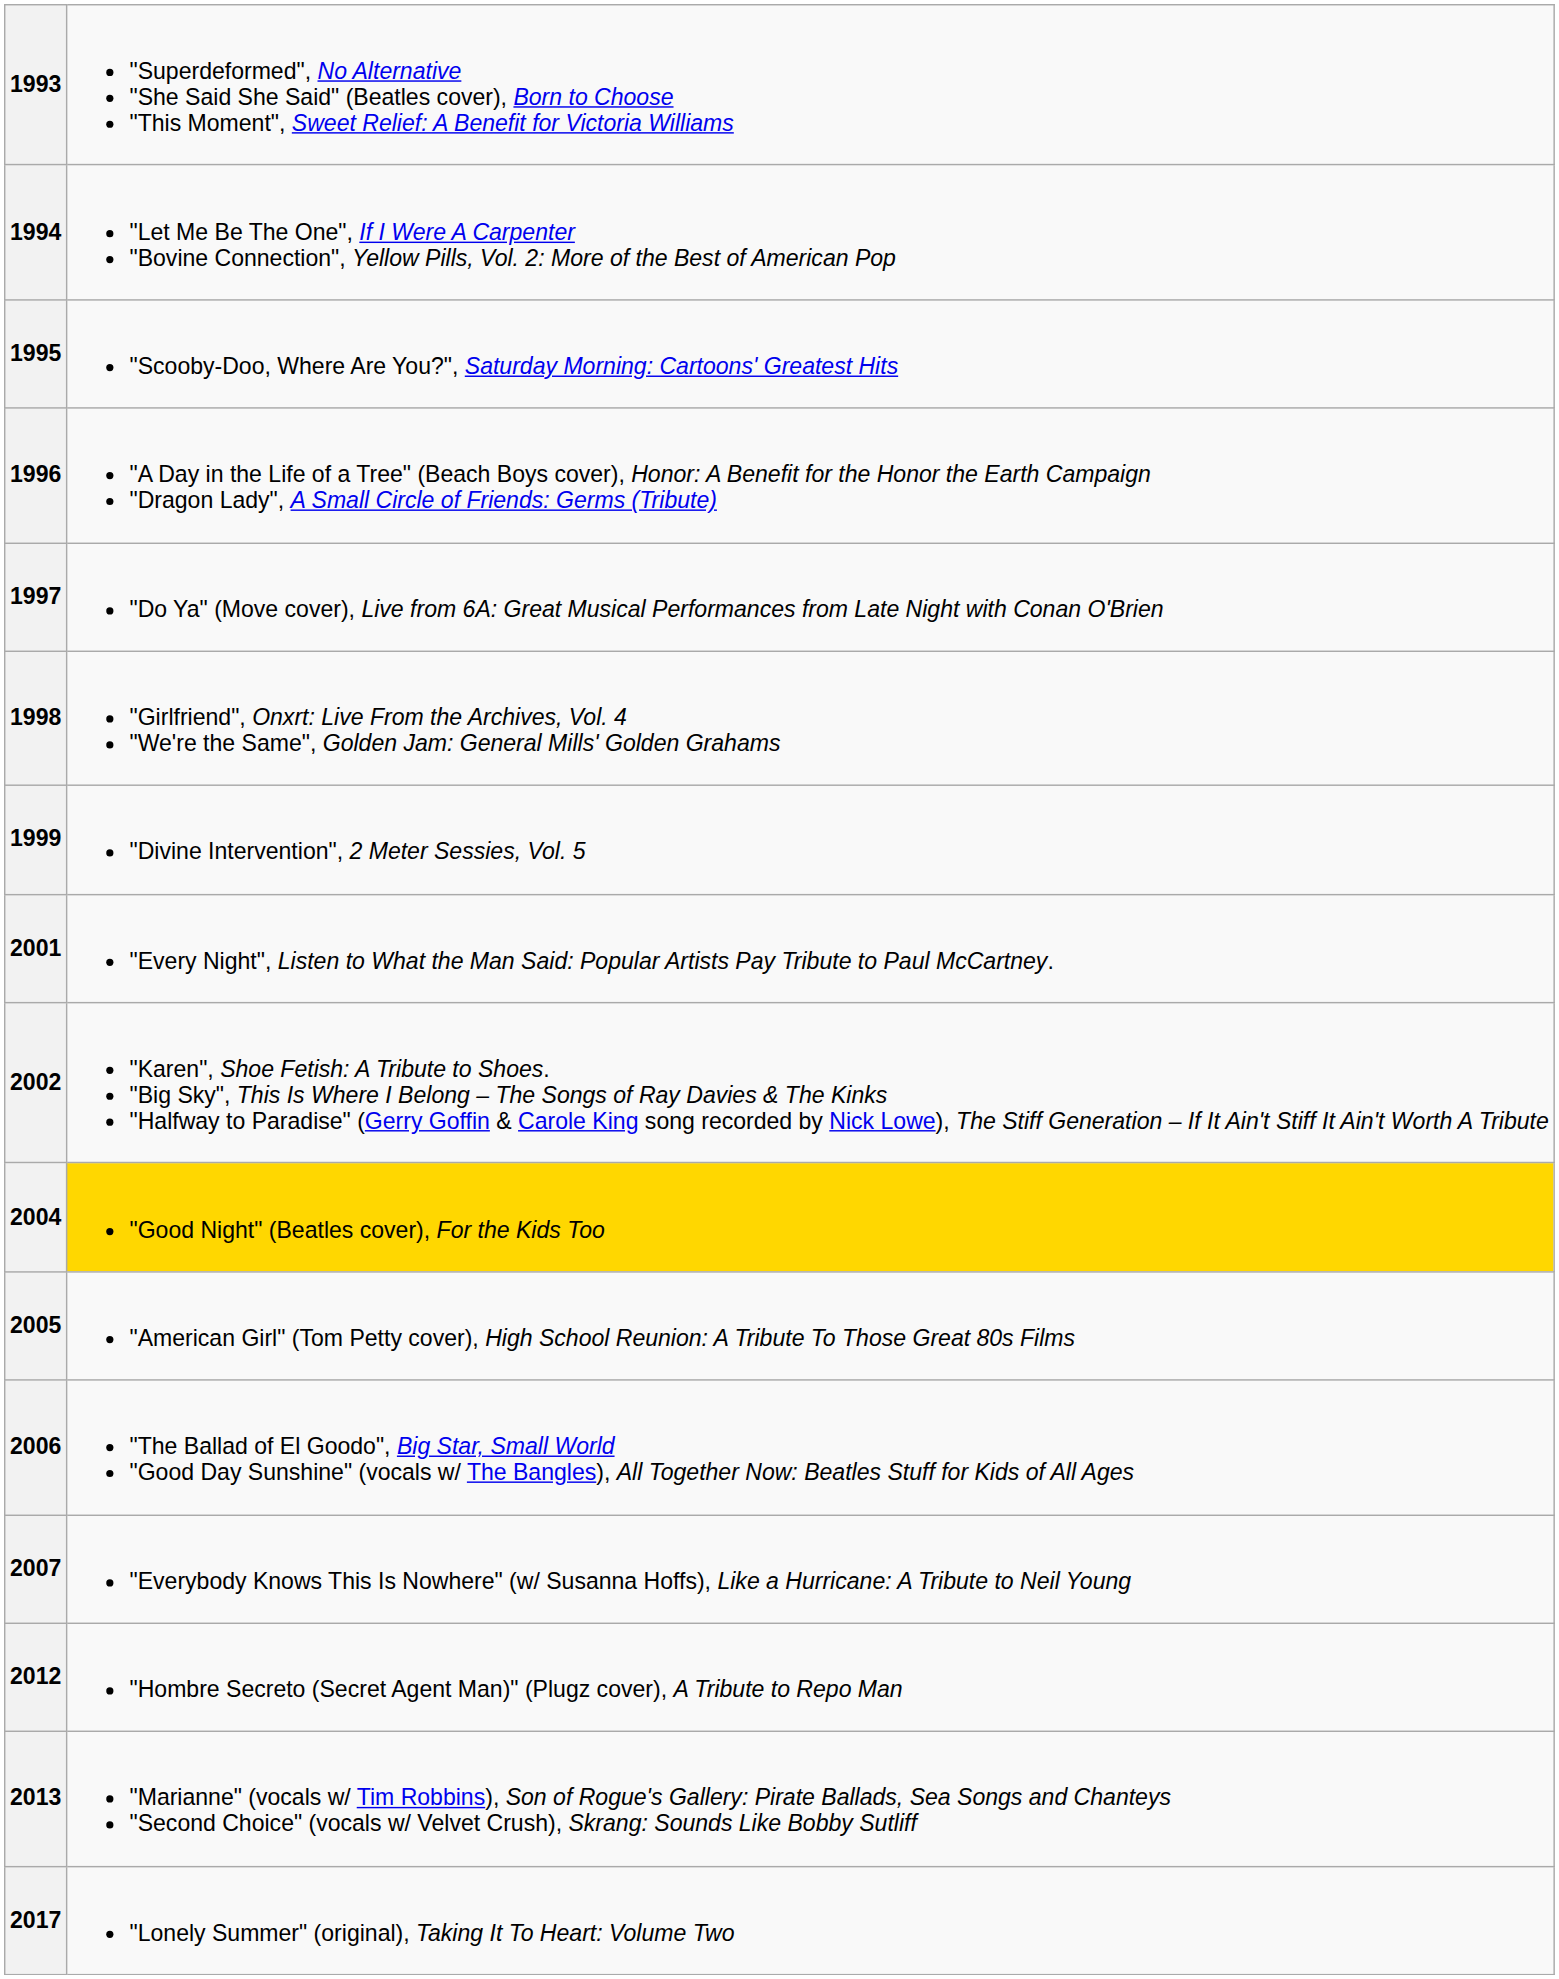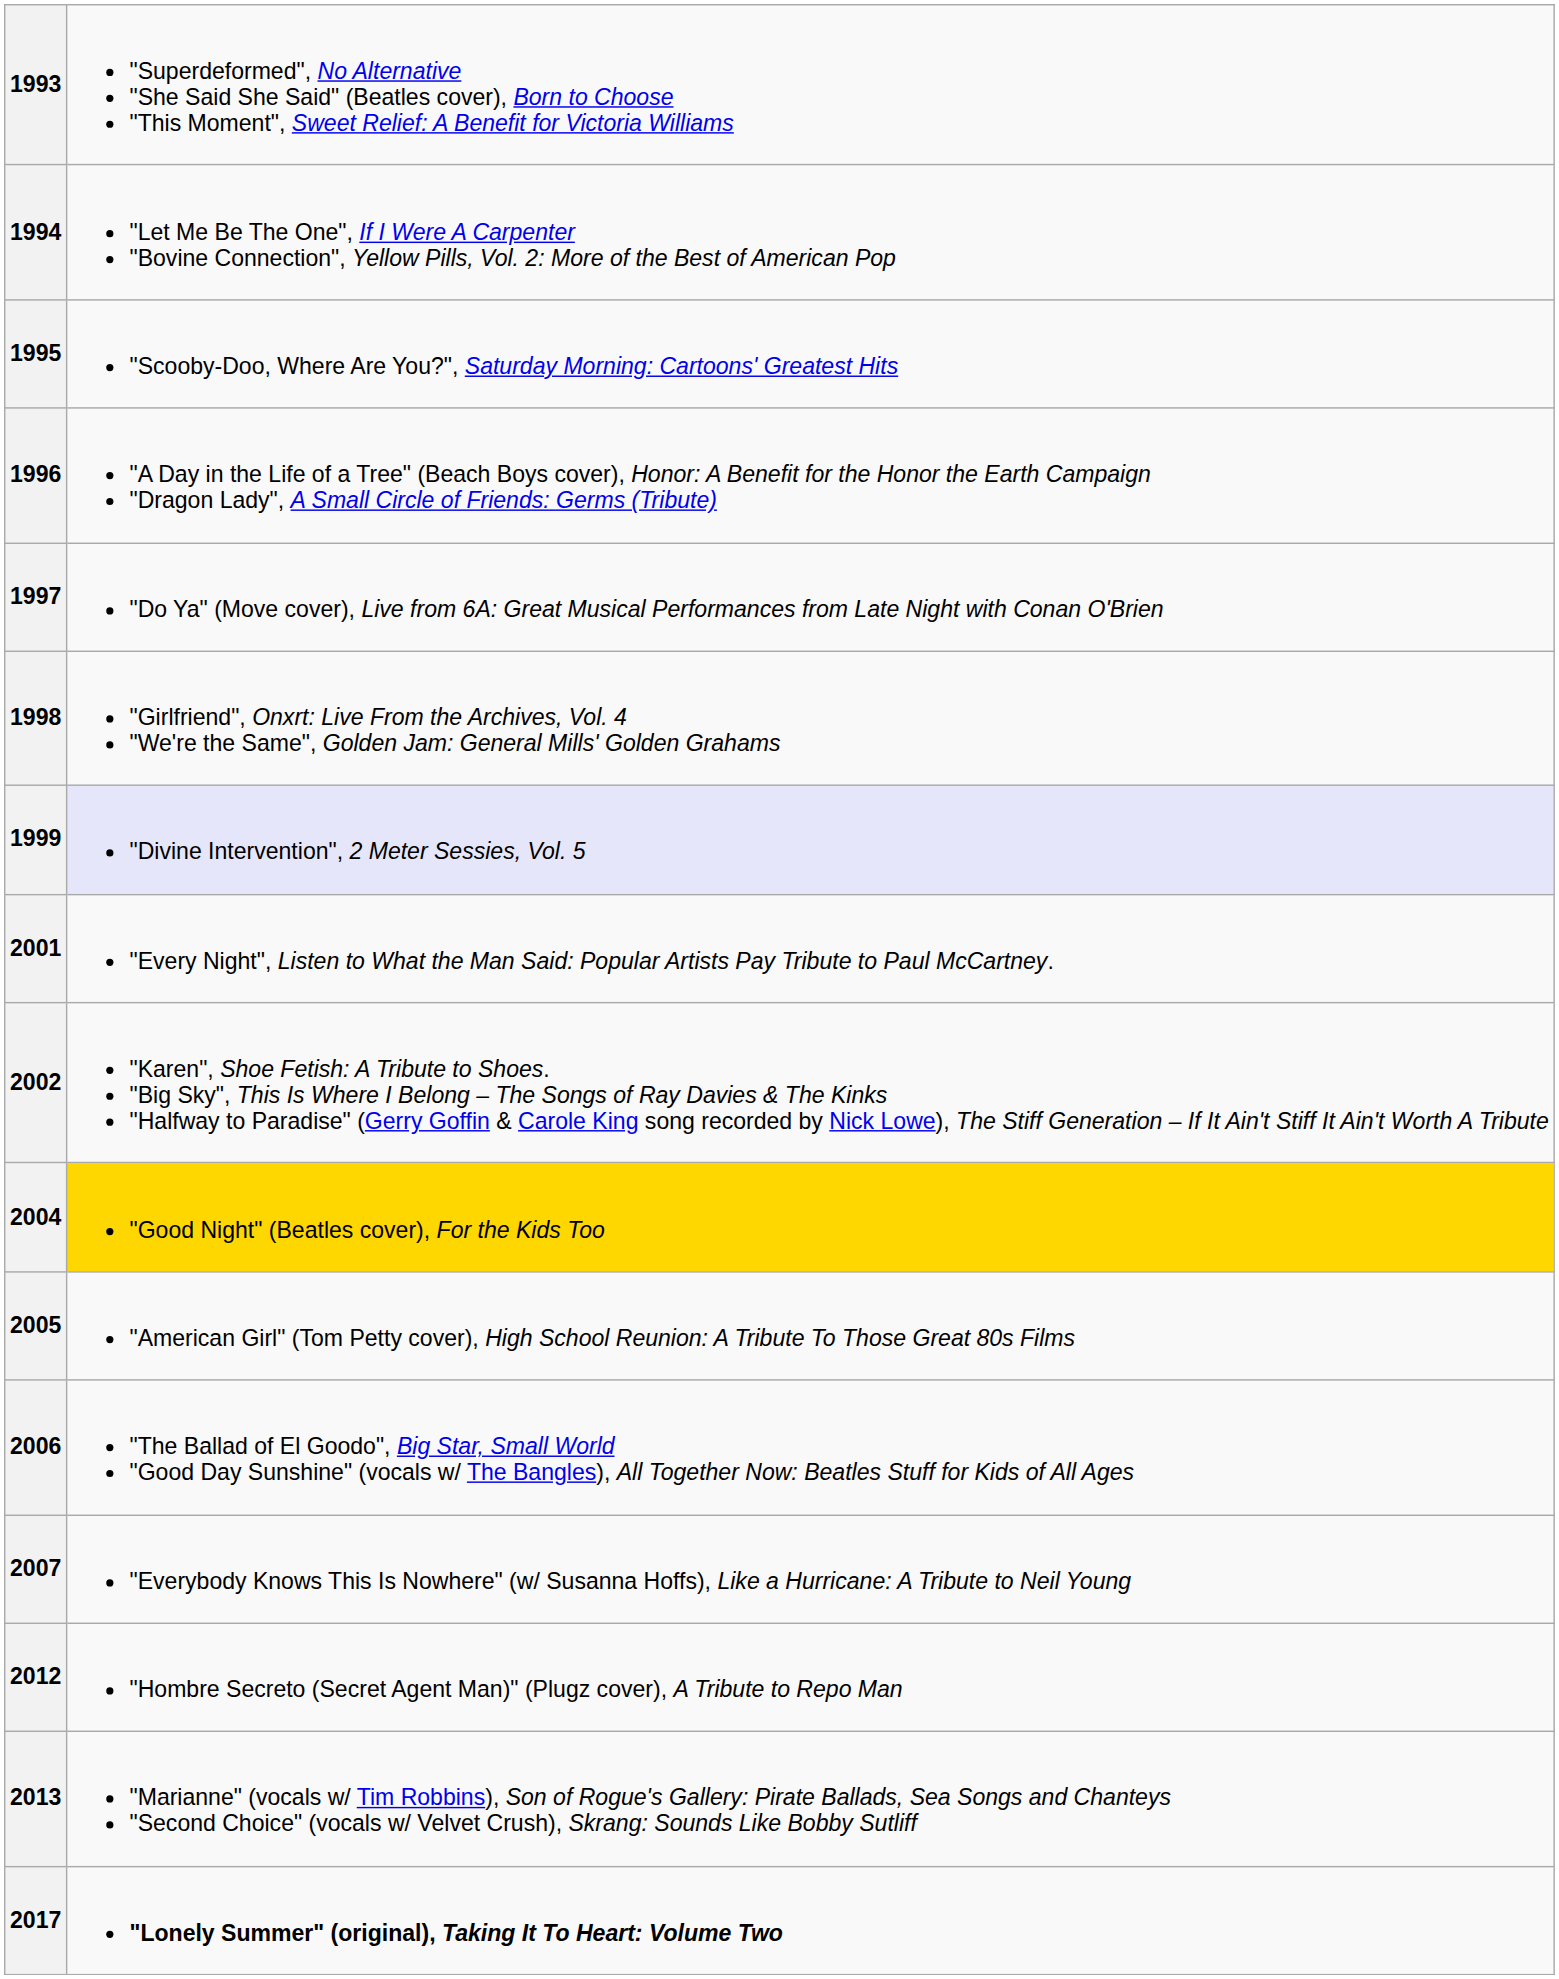 <table class="wikitable">
 <tr>
 <th>1993</th>
 <td><br><ul><li>"Superdeformed", <em><a href='#'>No Alternative</a></em></li><li>"She Said She Said" (Beatles cover), <em><a href='#'>Born to Choose</a></em></li><li>"This Moment", <em><a href='#'>Sweet Relief: A Benefit for Victoria Williams</a></em></li></ul></td>
 </tr>
 <tr>
 <th>1994</th>
 <td><br><ul><li>"Let Me Be The One", <em><a href='#'>If I Were A Carpenter</a></em></li><li>"Bovine Connection", <em>Yellow Pills, Vol. 2: More of the Best of American Pop</em></li></ul></td>
 </tr>
 <tr>
 <th>1995</th>
 <td><br><ul><li>"Scooby-Doo, Where Are You?", <em><a href='#'>Saturday Morning: Cartoons' Greatest Hits</a></em></li></ul></td>
 </tr>
 <tr>
 <th>1996</th>
 <td><br><ul><li>"A Day in the Life of a Tree" (Beach Boys cover), <em>Honor: A Benefit for the Honor the Earth Campaign</em></li><li>"Dragon Lady", <em><a href='#'>A Small Circle of Friends: Germs (Tribute)</a></em></li></ul></td>
 </tr>
 <tr>
 <th>1997</th>
 <td><br><ul><li>"Do Ya" (Move cover), <em>Live from 6A: Great Musical Performances from Late Night with Conan O'Brien</em></li></ul></td>
 </tr>
 <tr>
 <th>1998</th>
 <td><br><ul><li>"Girlfriend", <em>Onxrt: Live From the Archives, Vol. 4</em></li><li>"We're the Same", <em>Golden Jam: General Mills' Golden Grahams</em></li></ul></td>
 </tr>
 <tr>
 <th>1999</th>
-<td><br><ul><li>"Divine Intervention", <em>2 Meter Sessies, Vol. 5</em></li></ul></td>
+<td style="background: lavender;"><br><ul><li>"Divine Intervention", <em>2 Meter Sessies, Vol. 5</em></li></ul></td>
 </tr>
 <tr>
 <th>2001</th>
 <td><br><ul><li>"Every Night", <em>Listen to What the Man Said: Popular Artists Pay Tribute to Paul McCartney</em>.</li></ul></td>
 </tr>
 <tr>
 <th>2002</th>
 <td><br><ul><li>"Karen", <em>Shoe Fetish: A Tribute to Shoes</em>.</li><li>"Big Sky", <em>This Is Where I Belong – The Songs of Ray Davies & The Kinks</em></li><li>"Halfway to Paradise" (<a href='#'>Gerry Goffin</a> & <a href='#'>Carole King</a> song recorded by <a href='#'>Nick Lowe</a>), <em>The Stiff Generation – If It Ain't Stiff It Ain't Worth A Tribute</em></li></ul></td>
 </tr>
 <tr>
 <th>2004</th>
 <td style="background: gold;"><br><ul><li>"Good Night" (Beatles cover), <em>For the Kids Too</em></li></ul></td>
 </tr>
 <tr>
 <th>2005</th>
 <td><br><ul><li>"American Girl" (Tom Petty cover), <em>High School Reunion: A Tribute To Those Great 80s Films</em></li></ul></td>
 </tr>
 <tr>
 <th>2006</th>
 <td><br><ul><li>"The Ballad of El Goodo", <em><a href='#'>Big Star, Small World</a></em></li><li>"Good Day Sunshine" (vocals w/ <a href='#'>The Bangles</a>), <em>All Together Now: Beatles Stuff for Kids of All Ages</em></li></ul></td>
 </tr>
 <tr>
 <th>2007</th>
 <td><br><ul><li>"Everybody Knows This Is Nowhere" (w/ Susanna Hoffs), <em>Like a Hurricane: A Tribute to Neil Young</em></li></ul></td>
 </tr>
 <tr>
 <th>2012</th>
 <td><br><ul><li>"Hombre Secreto (Secret Agent Man)" (Plugz cover), <em>A Tribute to Repo Man</em></li></ul></td>
 </tr>
 <tr>
 <th>2013</th>
 <td><br><ul><li>"Marianne" (vocals w/ <a href='#'>Tim Robbins</a>), <em>Son of Rogue's Gallery: Pirate Ballads, Sea Songs and Chanteys</em></li><li>"Second Choice" (vocals w/ Velvet Crush), <em>Skrang: Sounds Like Bobby Sutliff</em></li></ul></td>
 </tr>
 <tr>
 <th>2017</th>
-<td><br><ul><li>"Lonely Summer" (original), <em>Taking It To Heart: Volume Two</em></li></ul></td>
+<td><strong><br><ul><li>"Lonely Summer" (original), <em>Taking It To Heart: Volume Two</em></li></ul></strong></td>
 </tr>
 </table>
